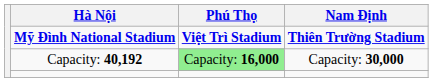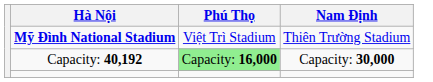 <table class="wikitable" style="text-align:center">
 <tr>
 <th rowspan="4"></th>
 <th><a href='#'>Hà Nội</a></th>
 <th><a href='#'>Phú Thọ</a></th>
 <th><a href='#'>Nam Định</a></th>
 </tr>
 <tr>
 <td><strong><a href='#'>Mỹ Đình National Stadium</a></strong></td>
-<td><strong><a href='#'>Việt Trì Stadium</a></strong></td>
-<td><strong><a href='#'>Thiên Trường Stadium</a></strong></td>
+<td><a href='#'>Việt Trì Stadium</a></td>
+<td><a href='#'>Thiên Trường Stadium</a></td>
 </tr>
 <tr>
 <td>Capacity: <strong>40,192</strong></td>
 <td style="background: lightgreen;">Capacity: <strong>16,000</strong></td>
 <td>Capacity: <strong>30,000</strong></td>
 </tr>
 <tr>
 <td></td>
 <td></td>
 <td></td>
 </tr>
 </table>
